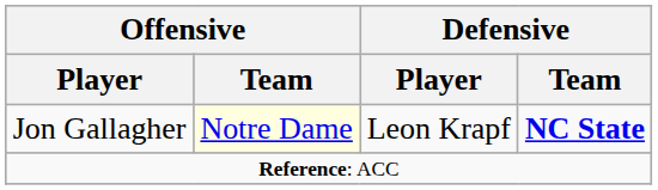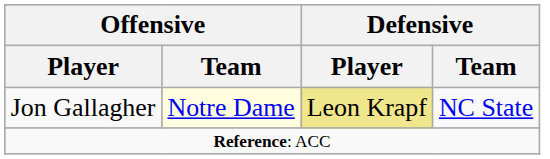 <table class="wikitable">
 <tr>
 <th colspan="2">Offensive</th>
 <th colspan="2">Defensive</th>
 </tr>
 <tr>
 <th>Player</th>
 <th>Team</th>
 <th>Player</th>
 <th>Team</th>
 </tr>
 <tr>
 <td>Jon Gallagher</td>
 <td style="background: lightyellow;"><a href='#'>Notre Dame</a></td>
-<td>Leon Krapf</td>
-<td><strong><a href='#'>NC State</a></strong></td>
+<td style="background: khaki;">Leon Krapf</td>
+<td><a href='#'>NC State</a></td>
 </tr>
 <tr>
 <td colspan="12"  style="font-size:8pt; text-align:center;"><strong>Reference</strong>: ACC</td>
 </tr>
 </table>
